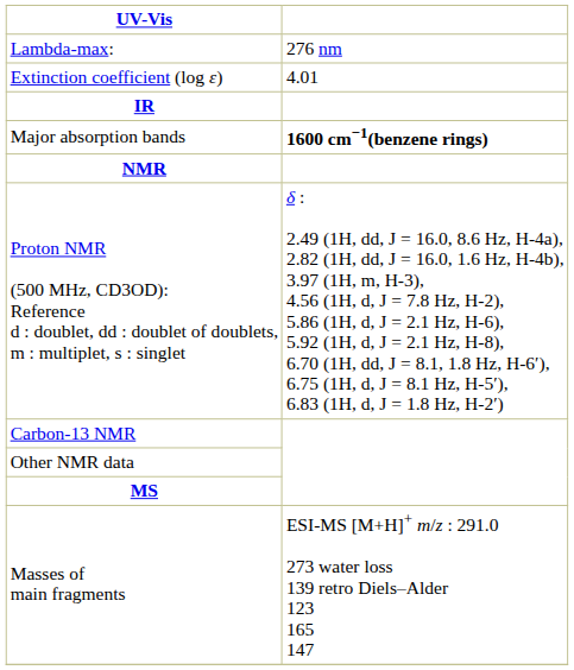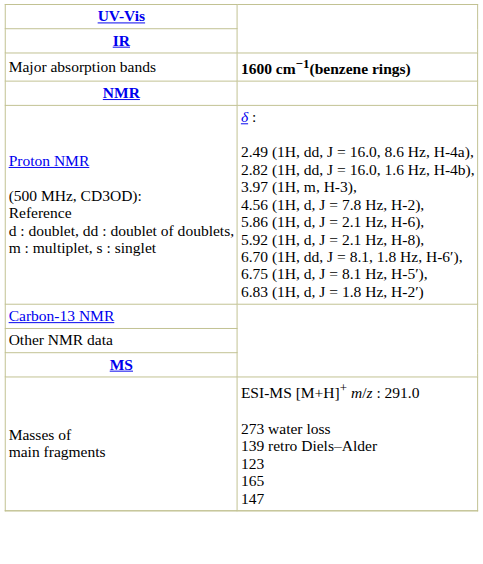 <table border="1" cellspacing="0" cellpadding="3" style="margin: 0 0 0 0.5em; background: #FFFFFF; border-collapse: collapse; border-color: #C0C090;">
 <tr>
 <th><a href='#'>UV-Vis</a></th>
-</tr>
-<tr>
-<td><a href='#'>Lambda-max</a>:</td>
-<td>276 <a href='#'>nm</a></td>
-</tr>
-<tr>
-<td><a href='#'>Extinction coefficient</a> (log <em>ε</em>)</td>
-<td>4.01</td>
 </tr>
 <tr>
 <th><a href='#'>IR</a></th>
 </tr>
 <tr>
 <td>Major absorption bands</td>
 <td><strong>1600 cm<sup>−1</sup>(benzene rings)</strong></td>
 </tr>
 <tr>
 <th><a href='#'>NMR</a></th>
 </tr>
 <tr>
 <td><a href='#'>Proton NMR</a><br><br>(500 MHz, CD3OD):  <br>Reference <br>d : doublet, dd : doublet of doublets, <br>m : multiplet, s : singlet</td>
 <td><em><a href='#'>δ</a></em> :<br><br>2.49 (1H, dd, J = 16.0, 8.6 Hz, H-4a),<br> 2.82 (1H, dd, J = 16.0, 1.6 Hz, H-4b), <br> 3.97 (1H, m, H-3), <br> 4.56 (1H, d, J = 7.8 Hz, H-2),<br> 5.86 (1H, d, J = 2.1 Hz, H-6), <br> 5.92 (1H, d, J = 2.1 Hz, H-8), <br> 6.70 (1H, dd, J = 8.1, 1.8 Hz, H-6′), <br> 6.75 (1H, d, J = 8.1 Hz, H-5′), <br> 6.83 (1H, d, J = 1.8 Hz, H-2′)<br></td>
 </tr>
 <tr>
 <td><a href='#'>Carbon-13 NMR</a> </td>
 </tr>
 <tr>
 <td>Other NMR data </td>
 </tr>
 <tr>
 <th><a href='#'>MS</a></th>
 </tr>
 <tr>
 <td>Masses of <br>main fragments</td>
 <td>ESI-MS [M+H]<sup>+</sup> <em>m</em>/<em>z</em> : 291.0<br><br>273 water loss <br>139 retro Diels–Alder <br>123 <br>165 <br>147</td>
 </tr>
 <tr>
 </tr>
 </table>
